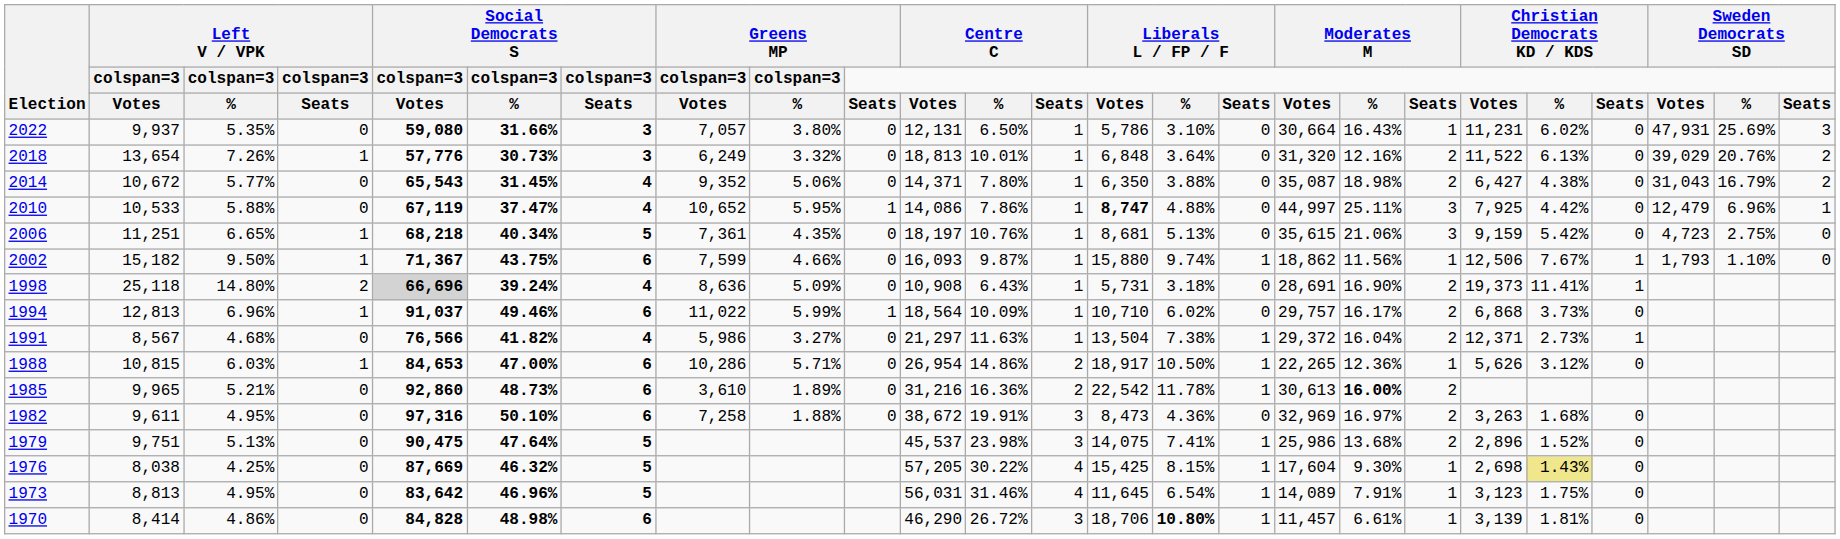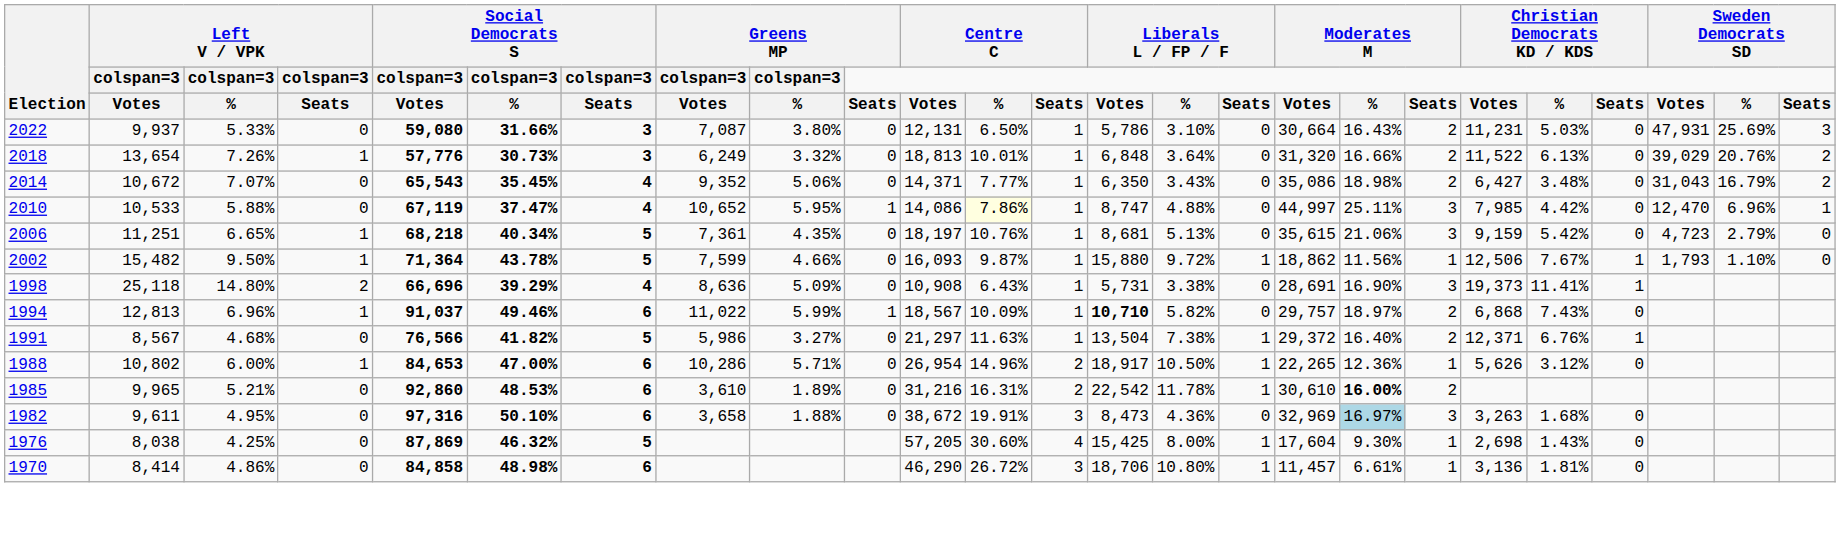 <table class="wikitable" border="1" style="font-size:95%; text-align:right;">
 <tr>
 <th style="text-align:left;" valign=bottom rowspan=3>Election</th>
 <th valign=bottom colspan=3><a href='#'>Left</a><br>V / VPK</th>
 <th valign=bottom colspan=3><a href='#'>Social<br>Democrats</a><br>S</th>
 <th valign=bottom colspan=3><a href='#'>Greens</a><br>MP</th>
 <th valign=bottom colspan=3><a href='#'>Centre</a><br>C</th>
 <th valign=bottom colspan=3><a href='#'>Liberals</a><br>L / FP / F</th>
 <th valign=bottom colspan=3><a href='#'>Moderates</a><br>M</th>
 <th valign=bottom colspan=3><a href='#'>Christian<br>Democrats</a><br>KD / KDS</th>
 <th valign=bottom colspan=3><a href='#'>Sweden<br>Democrats</a><br>SD</th>
 </tr>
 <tr>
 <th>colspan=3 </th>
 <th>colspan=3 </th>
 <th>colspan=3 </th>
 <th>colspan=3 </th>
 <th>colspan=3 </th>
 <th>colspan=3 </th>
 <th>colspan=3 </th>
 <th>colspan=3 </th>
 </tr>
 <tr>
 <th>Votes</th>
 <th>%</th>
 <th>Seats</th>
 <th>Votes</th>
 <th>%</th>
 <th>Seats</th>
 <th>Votes</th>
 <th>%</th>
 <th>Seats</th>
 <th>Votes</th>
 <th>%</th>
 <th>Seats</th>
 <th>Votes</th>
 <th>%</th>
 <th>Seats</th>
 <th>Votes</th>
 <th>%</th>
 <th>Seats</th>
 <th>Votes</th>
 <th>%</th>
 <th>Seats</th>
 <th>Votes</th>
 <th>%</th>
 <th>Seats</th>
 </tr>
 <tr>
 <td align=left><a href='#'>2022</a></td>
 <td>9,937</td>
-<td>5.35%</td>
+<td>5.33%</td>
 <td>0</td>
 <td><strong>59,080</strong></td>
 <td><strong>31.66%</strong></td>
 <td><strong>3</strong></td>
-<td>7,057</td>
+<td>7,087</td>
 <td>3.80%</td>
 <td>0</td>
 <td>12,131</td>
 <td>6.50%</td>
 <td>1</td>
 <td>5,786</td>
 <td>3.10%</td>
 <td>0</td>
 <td>30,664</td>
 <td>16.43%</td>
-<td>1</td>
+<td>2</td>
 <td>11,231</td>
-<td>6.02%</td>
+<td>5.03%</td>
 <td>0</td>
 <td>47,931</td>
 <td>25.69%</td>
 <td>3</td>
 </tr>
 <tr>
 <td align=left><a href='#'>2018</a></td>
 <td>13,654</td>
 <td>7.26%</td>
 <td>1</td>
 <td><strong>57,776</strong></td>
 <td><strong>30.73%</strong></td>
 <td><strong>3</strong></td>
 <td>6,249</td>
 <td>3.32%</td>
 <td>0</td>
 <td>18,813</td>
 <td>10.01%</td>
 <td>1</td>
 <td>6,848</td>
 <td>3.64%</td>
 <td>0</td>
 <td>31,320</td>
-<td>12.16%</td>
+<td>16.66%</td>
 <td>2</td>
 <td>11,522</td>
 <td>6.13%</td>
 <td>0</td>
 <td>39,029</td>
 <td>20.76%</td>
 <td>2</td>
 </tr>
 <tr>
 <td align=left><a href='#'>2014</a></td>
 <td>10,672</td>
-<td>5.77%</td>
+<td>7.07%</td>
 <td>0</td>
 <td><strong>65,543</strong></td>
-<td><strong>31.45%</strong></td>
+<td><strong>35.45%</strong></td>
 <td><strong>4</strong></td>
 <td>9,352</td>
 <td>5.06%</td>
 <td>0</td>
 <td>14,371</td>
-<td>7.80%</td>
+<td>7.77%</td>
 <td>1</td>
 <td>6,350</td>
-<td>3.88%</td>
+<td>3.43%</td>
 <td>0</td>
-<td>35,087</td>
+<td>35,086</td>
 <td>18.98%</td>
 <td>2</td>
 <td>6,427</td>
-<td>4.38%</td>
+<td>3.48%</td>
 <td>0</td>
 <td>31,043</td>
 <td>16.79%</td>
 <td>2</td>
 </tr>
 <tr>
 <td align=left><a href='#'>2010</a></td>
 <td>10,533</td>
 <td>5.88%</td>
 <td>0</td>
 <td><strong>67,119</strong></td>
 <td><strong>37.47%</strong></td>
 <td><strong>4</strong></td>
 <td>10,652</td>
 <td>5.95%</td>
 <td>1</td>
 <td>14,086</td>
-<td>7.86%</td>
+<td style="background: lightyellow;">7.86%</td>
 <td>1</td>
-<td><strong>8,747</strong></td>
+<td>8,747</td>
 <td>4.88%</td>
 <td>0</td>
 <td>44,997</td>
 <td>25.11%</td>
 <td>3</td>
-<td>7,925</td>
+<td>7,985</td>
 <td>4.42%</td>
 <td>0</td>
-<td>12,479</td>
+<td>12,470</td>
 <td>6.96%</td>
 <td>1</td>
 </tr>
 <tr>
 <td align=left><a href='#'>2006</a></td>
 <td>11,251</td>
 <td>6.65%</td>
 <td>1</td>
 <td><strong>68,218</strong></td>
 <td><strong>40.34%</strong></td>
 <td><strong>5</strong></td>
 <td>7,361</td>
 <td>4.35%</td>
 <td>0</td>
 <td>18,197</td>
 <td>10.76%</td>
 <td>1</td>
 <td>8,681</td>
 <td>5.13%</td>
 <td>0</td>
 <td>35,615</td>
 <td>21.06%</td>
 <td>3</td>
 <td>9,159</td>
 <td>5.42%</td>
 <td>0</td>
 <td>4,723</td>
-<td>2.75%</td>
+<td>2.79%</td>
 <td>0</td>
 </tr>
 <tr>
 <td align=left><a href='#'>2002</a></td>
-<td>15,182</td>
+<td>15,482</td>
 <td>9.50%</td>
 <td>1</td>
-<td><strong>71,367</strong></td>
-<td><strong>43.75%</strong></td>
-<td><strong>6</strong></td>
+<td><strong>71,364</strong></td>
+<td><strong>43.78%</strong></td>
+<td><strong>5</strong></td>
 <td>7,599</td>
 <td>4.66%</td>
 <td>0</td>
 <td>16,093</td>
 <td>9.87%</td>
 <td>1</td>
 <td>15,880</td>
-<td>9.74%</td>
+<td>9.72%</td>
 <td>1</td>
 <td>18,862</td>
 <td>11.56%</td>
 <td>1</td>
 <td>12,506</td>
 <td>7.67%</td>
 <td>1</td>
 <td>1,793</td>
 <td>1.10%</td>
 <td>0</td>
 </tr>
 <tr>
 <td align=left><a href='#'>1998</a></td>
 <td>25,118</td>
 <td>14.80%</td>
 <td>2</td>
-<td style="background: lightgrey;"><strong>66,696</strong></td>
-<td><strong>39.24%</strong></td>
+<td><strong>66,696</strong></td>
+<td><strong>39.29%</strong></td>
 <td><strong>4</strong></td>
 <td>8,636</td>
 <td>5.09%</td>
 <td>0</td>
 <td>10,908</td>
 <td>6.43%</td>
 <td>1</td>
 <td>5,731</td>
-<td>3.18%</td>
+<td>3.38%</td>
 <td>0</td>
 <td>28,691</td>
 <td>16.90%</td>
-<td>2</td>
+<td>3</td>
 <td>19,373</td>
 <td>11.41%</td>
 <td>1</td>
 <td></td>
 <td></td>
 <td></td>
 </tr>
 <tr>
 <td align=left><a href='#'>1994</a></td>
 <td>12,813</td>
 <td>6.96%</td>
 <td>1</td>
 <td><strong>91,037</strong></td>
 <td><strong>49.46%</strong></td>
 <td><strong>6</strong></td>
 <td>11,022</td>
 <td>5.99%</td>
 <td>1</td>
-<td>18,564</td>
+<td>18,567</td>
 <td>10.09%</td>
 <td>1</td>
-<td>10,710</td>
-<td>6.02%</td>
+<td><strong>10,710</strong></td>
+<td>5.82%</td>
 <td>0</td>
 <td>29,757</td>
-<td>16.17%</td>
+<td>18.97%</td>
 <td>2</td>
 <td>6,868</td>
-<td>3.73%</td>
+<td>7.43%</td>
 <td>0</td>
 <td></td>
 <td></td>
 <td></td>
 </tr>
 <tr>
 <td align=left><a href='#'>1991</a></td>
 <td>8,567</td>
 <td>4.68%</td>
 <td>0</td>
 <td><strong>76,566</strong></td>
 <td><strong>41.82%</strong></td>
-<td><strong>4</strong></td>
+<td><strong>5</strong></td>
 <td>5,986</td>
 <td>3.27%</td>
 <td>0</td>
 <td>21,297</td>
 <td>11.63%</td>
 <td>1</td>
 <td>13,504</td>
 <td>7.38%</td>
 <td>1</td>
 <td>29,372</td>
-<td>16.04%</td>
+<td>16.40%</td>
 <td>2</td>
 <td>12,371</td>
-<td>2.73%</td>
+<td>6.76%</td>
 <td>1</td>
 <td></td>
 <td></td>
 <td></td>
 </tr>
 <tr>
 <td align=left><a href='#'>1988</a></td>
-<td>10,815</td>
-<td>6.03%</td>
+<td>10,802</td>
+<td>6.00%</td>
 <td>1</td>
 <td><strong>84,653</strong></td>
 <td><strong>47.00%</strong></td>
 <td><strong>6</strong></td>
 <td>10,286</td>
 <td>5.71%</td>
 <td>0</td>
 <td>26,954</td>
-<td>14.86%</td>
+<td>14.96%</td>
 <td>2</td>
 <td>18,917</td>
 <td>10.50%</td>
 <td>1</td>
 <td>22,265</td>
 <td>12.36%</td>
 <td>1</td>
 <td>5,626</td>
 <td>3.12%</td>
 <td>0</td>
 <td></td>
 <td></td>
 <td></td>
 </tr>
 <tr>
 <td align=left><a href='#'>1985</a></td>
 <td>9,965</td>
 <td>5.21%</td>
 <td>0</td>
 <td><strong>92,860</strong></td>
-<td><strong>48.73%</strong></td>
+<td><strong>48.53%</strong></td>
 <td><strong>6</strong></td>
 <td>3,610</td>
 <td>1.89%</td>
 <td>0</td>
 <td>31,216</td>
-<td>16.36%</td>
+<td>16.31%</td>
 <td>2</td>
 <td>22,542</td>
 <td>11.78%</td>
 <td>1</td>
-<td>30,613</td>
+<td>30,610</td>
 <td><strong>16.00%</strong></td>
 <td>2</td>
 <td></td>
 <td></td>
 <td></td>
 <td></td>
 <td></td>
 <td></td>
 </tr>
 <tr>
 <td align=left><a href='#'>1982</a></td>
 <td>9,611</td>
 <td>4.95%</td>
 <td>0</td>
 <td><strong>97,316</strong></td>
 <td><strong>50.10%</strong></td>
 <td><strong>6</strong></td>
-<td>7,258</td>
+<td>3,658</td>
 <td>1.88%</td>
 <td>0</td>
 <td>38,672</td>
 <td>19.91%</td>
 <td>3</td>
 <td>8,473</td>
 <td>4.36%</td>
 <td>0</td>
 <td>32,969</td>
-<td>16.97%</td>
-<td>2</td>
+<td style="background: lightblue;">16.97%</td>
+<td>3</td>
 <td>3,263</td>
 <td>1.68%</td>
-<td>0</td>
-<td></td>
-<td></td>
-<td></td>
-</tr>
-<tr>
-<td align=left><a href='#'>1979</a></td>
-<td>9,751</td>
-<td>5.13%</td>
-<td>0</td>
-<td><strong>90,475</strong></td>
-<td><strong>47.64%</strong></td>
-<td><strong>5</strong></td>
-<td></td>
-<td></td>
-<td></td>
-<td>45,537</td>
-<td>23.98%</td>
-<td>3</td>
-<td>14,075</td>
-<td>7.41%</td>
-<td>1</td>
-<td>25,986</td>
-<td>13.68%</td>
-<td>2</td>
-<td>2,896</td>
-<td>1.52%</td>
 <td>0</td>
 <td></td>
 <td></td>
 <td></td>
 </tr>
 <tr>
 <td align=left><a href='#'>1976</a></td>
 <td>8,038</td>
 <td>4.25%</td>
 <td>0</td>
-<td><strong>87,669</strong></td>
+<td><strong>87,869</strong></td>
 <td><strong>46.32%</strong></td>
 <td><strong>5</strong></td>
 <td></td>
 <td></td>
 <td></td>
 <td>57,205</td>
-<td>30.22%</td>
+<td>30.60%</td>
 <td>4</td>
 <td>15,425</td>
-<td>8.15%</td>
+<td>8.00%</td>
 <td>1</td>
 <td>17,604</td>
 <td>9.30%</td>
 <td>1</td>
 <td>2,698</td>
-<td style="background: khaki;">1.43%</td>
-<td>0</td>
-<td></td>
-<td></td>
-<td></td>
-</tr>
-<tr>
-<td align=left><a href='#'>1973</a></td>
-<td>8,813</td>
-<td>4.95%</td>
-<td>0</td>
-<td><strong>83,642</strong></td>
-<td><strong>46.96%</strong></td>
-<td><strong>5</strong></td>
-<td></td>
-<td></td>
-<td></td>
-<td>56,031</td>
-<td>31.46%</td>
-<td>4</td>
-<td>11,645</td>
-<td>6.54%</td>
-<td>1</td>
-<td>14,089</td>
-<td>7.91%</td>
-<td>1</td>
-<td>3,123</td>
-<td>1.75%</td>
+<td>1.43%</td>
 <td>0</td>
 <td></td>
 <td></td>
 <td></td>
 </tr>
 <tr>
 <td align=left><a href='#'>1970</a></td>
 <td>8,414</td>
 <td>4.86%</td>
 <td>0</td>
-<td><strong>84,828</strong></td>
+<td><strong>84,858</strong></td>
 <td><strong>48.98%</strong></td>
 <td><strong>6</strong></td>
 <td></td>
 <td></td>
 <td></td>
 <td>46,290</td>
 <td>26.72%</td>
 <td>3</td>
 <td>18,706</td>
-<td><strong>10.80%</strong></td>
+<td>10.80%</td>
 <td>1</td>
 <td>11,457</td>
 <td>6.61%</td>
 <td>1</td>
-<td>3,139</td>
+<td>3,136</td>
 <td>1.81%</td>
 <td>0</td>
 <td></td>
 <td></td>
 <td></td>
 </tr>
 </table>
